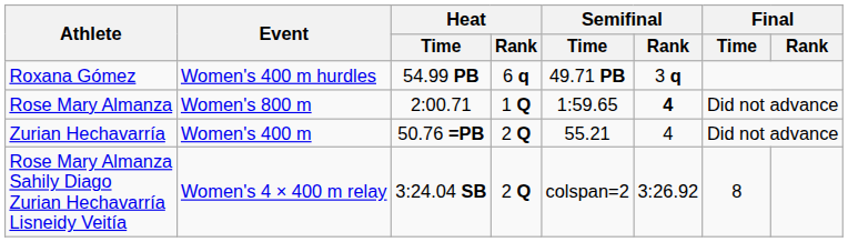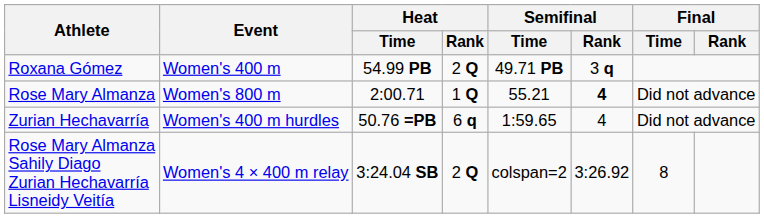 <table class=wikitable style=font-size:90%;text-align:center>
 <tr>
 <th rowspan=2>Athlete</th>
 <th rowspan=2>Event</th>
 <th colspan=2>Heat</th>
 <th colspan=2>Semifinal</th>
 <th colspan=2>Final</th>
 </tr>
 <tr style=font-size:95%>
 <th>Time</th>
 <th>Rank</th>
 <th>Time</th>
 <th>Rank</th>
 <th>Time</th>
 <th>Rank</th>
 </tr>
 <tr>
 <td align=left><a href='#'>Roxana Gómez</a></td>
-<td align=left><a href='#'>Women's 400 m hurdles</a></td>
+<td align=left><a href='#'>Women's 400 m</a></td>
 <td>54.99 <strong>PB</strong></td>
-<td>6 <strong>q</strong></td>
+<td>2 <strong>Q</strong></td>
 <td>49.71 <strong>PB</strong></td>
 <td>3 <strong>q</strong></td>
 <td colspan=2></td>
 </tr>
 <tr>
 <td align=left><a href='#'>Rose Mary Almanza</a></td>
 <td align=left><a href='#'>Women's 800 m</a></td>
 <td>2:00.71</td>
 <td>1 <strong>Q</strong></td>
-<td>1:59.65</td>
+<td>55.21</td>
 <td><strong>4</strong></td>
 <td colspan="2">Did not advance</td>
 </tr>
 <tr>
 <td align=left><a href='#'>Zurian Hechavarría</a></td>
-<td align=left><a href='#'>Women's 400 m</a></td>
+<td align=left><a href='#'>Women's 400 m hurdles</a></td>
 <td>50.76 <strong>=PB</strong></td>
-<td>2 <strong>Q</strong></td>
-<td>55.21</td>
+<td>6 <strong>q</strong></td>
+<td>1:59.65</td>
 <td>4</td>
 <td colspan="2">Did not advance</td>
 </tr>
 <tr>
 <td align=left><a href='#'>Rose Mary Almanza</a><br><a href='#'>Sahily Diago</a><br><a href='#'>Zurian Hechavarría</a><br><a href='#'>Lisneidy Veitía</a></td>
 <td align=left><a href='#'>Women's 4 × 400 m relay</a></td>
 <td>3:24.04 <strong>SB</strong></td>
 <td>2 <strong>Q</strong></td>
 <td>colspan=2 </td>
 <td>3:26.92</td>
 <td>8</td>
 </tr>
 </table>
